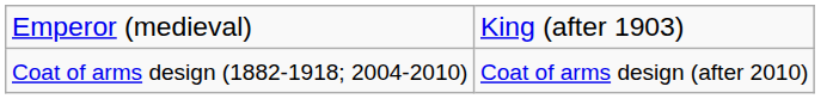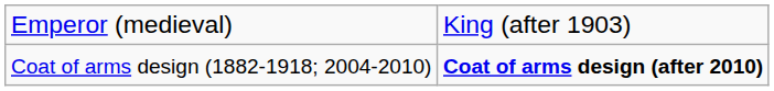 <table class="wikitable">
 <tr>
 <td> <a href='#'>Emperor</a> (medieval)</td>
 <td> <a href='#'>King</a> (after 1903)</td>
 </tr>
 <tr>
 <td><small><a href='#'>Coat of arms</a> design (1882-1918; 2004-2010)</small></td>
-<td><small><a href='#'>Coat of arms</a> design (after 2010)</small></td>
+<td><strong><small><a href='#'>Coat of arms</a> design (after 2010)</small></strong></td>
 </tr>
 </table>
